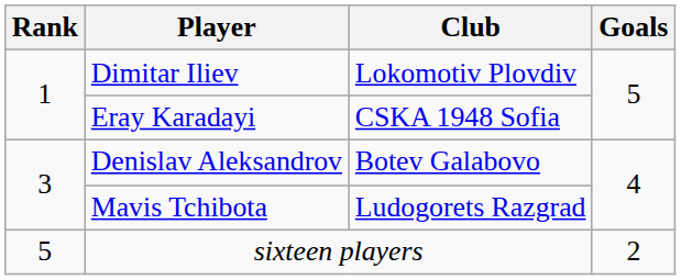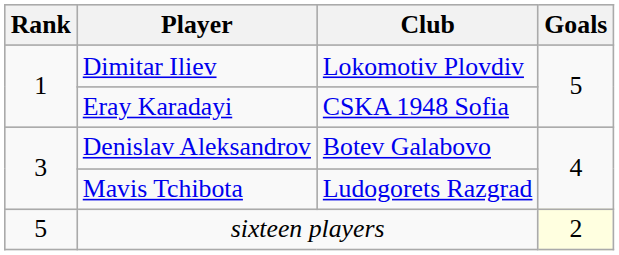 <table class="wikitable" style="text-align:center">
 <tr>
 <th>Rank</th>
 <th>Player</th>
 <th>Club</th>
 <th>Goals</th>
 </tr>
 <tr>
 <td rowspan="2">1</td>
 <td align=left> <a href='#'>Dimitar Iliev</a></td>
 <td align=left><a href='#'>Lokomotiv Plovdiv</a></td>
 <td rowspan="2">5</td>
 </tr>
 <tr>
 <td align=left> <a href='#'>Eray Karadayi</a></td>
 <td align=left><a href='#'>CSKA 1948 Sofia</a></td>
 </tr>
 <tr>
 <td rowspan="2">3</td>
 <td align=left> <a href='#'>Denislav Aleksandrov</a></td>
 <td align=left><a href='#'>Botev Galabovo</a></td>
 <td rowspan="2">4</td>
 </tr>
 <tr>
 <td align=left> <a href='#'>Mavis Tchibota</a></td>
 <td align=left><a href='#'>Ludogorets Razgrad</a></td>
 </tr>
 <tr>
 <td>5</td>
 <td colspan="2"><em>sixteen players</em></td>
-<td>2</td>
+<td style="background: lightyellow;">2</td>
 </tr>
 </table>
